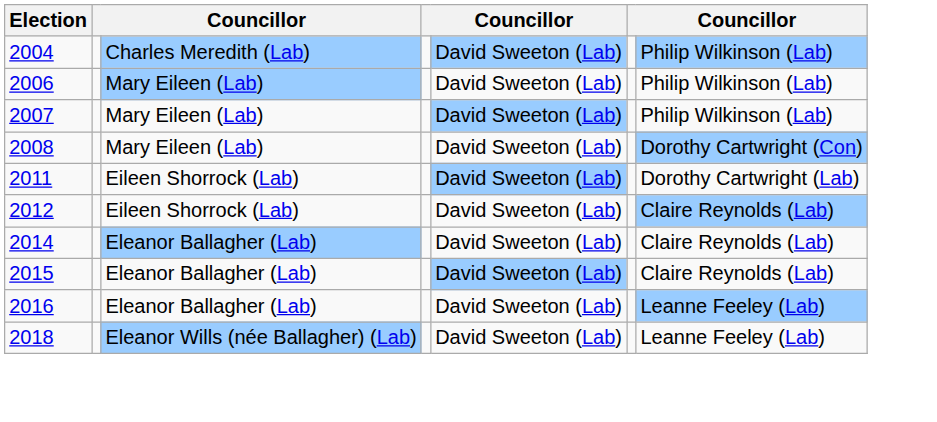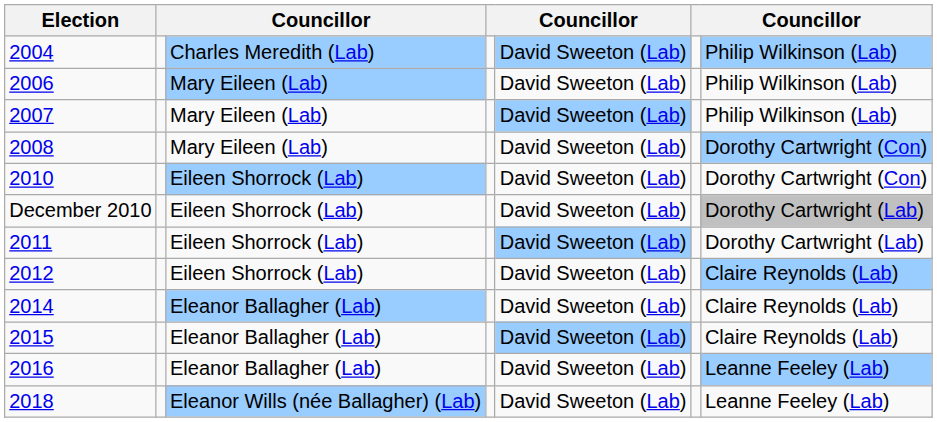 <table class="wikitable">
 <tr>
 <th>Election</th>
 <th colspan="2">Councillor</th>
 <th colspan="2">Councillor</th>
 <th colspan="2">Councillor</th>
 </tr>
 <tr>
 <td><a href='#'>2004</a></td>
 <td style="background-color: "></td>
 <td bgcolor="#99CCFF">Charles Meredith (<a href='#'>Lab</a>)</td>
 <td style="background-color: "></td>
 <td bgcolor="#99CCFF">David Sweeton (<a href='#'>Lab</a>)</td>
 <td style="background-color: "></td>
 <td bgcolor="#99CCFF">Philip Wilkinson (<a href='#'>Lab</a>)</td>
 </tr>
 <tr>
 <td><a href='#'>2006</a></td>
 <td style="background-color: "></td>
 <td bgcolor="#99CCFF">Mary Eileen (<a href='#'>Lab</a>)</td>
 <td style="background-color: "></td>
 <td>David Sweeton (<a href='#'>Lab</a>)</td>
 <td style="background-color: "></td>
 <td>Philip Wilkinson (<a href='#'>Lab</a>)</td>
 </tr>
 <tr>
 <td><a href='#'>2007</a></td>
 <td style="background-color: "></td>
 <td>Mary Eileen (<a href='#'>Lab</a>)</td>
 <td style="background-color: "></td>
 <td bgcolor="#99CCFF">David Sweeton (<a href='#'>Lab</a>)</td>
 <td style="background-color: "></td>
 <td>Philip Wilkinson (<a href='#'>Lab</a>)</td>
 </tr>
 <tr>
 <td><a href='#'>2008</a></td>
 <td style="background-color: "></td>
 <td>Mary Eileen (<a href='#'>Lab</a>)</td>
 <td style="background-color: "></td>
 <td>David Sweeton (<a href='#'>Lab</a>)</td>
 <td style="background-color: "></td>
 <td bgcolor="#99CCFF">Dorothy Cartwright (<a href='#'>Con</a>)</td>
+</tr>
+<tr>
+<td><a href='#'>2010</a></td>
+<td style="background-color: "></td>
+<td bgcolor="#99CCFF">Eileen Shorrock (<a href='#'>Lab</a>)</td>
+<td style="background-color: "></td>
+<td>David Sweeton (<a href='#'>Lab</a>)</td>
+<td style="background-color: "></td>
+<td>Dorothy Cartwright (<a href='#'>Con</a>)</td>
+</tr>
+<tr>
+<td>December 2010</td>
+<td style="background-color: "></td>
+<td>Eileen Shorrock (<a href='#'>Lab</a>)</td>
+<td style="background-color: "></td>
+<td>David Sweeton (<a href='#'>Lab</a>)</td>
+<td style="background-color: "></td>
+<td bgcolor="#C0C0C0">Dorothy Cartwright (<a href='#'>Lab</a>)</td>
 </tr>
 <tr>
 <td><a href='#'>2011</a></td>
 <td style="background-color: "></td>
 <td>Eileen Shorrock (<a href='#'>Lab</a>)</td>
 <td style="background-color: "></td>
 <td bgcolor="#99CCFF">David Sweeton (<a href='#'>Lab</a>)</td>
 <td style="background-color: "></td>
 <td>Dorothy Cartwright (<a href='#'>Lab</a>)</td>
 </tr>
 <tr>
 <td><a href='#'>2012</a></td>
 <td style="background-color: "></td>
 <td>Eileen Shorrock (<a href='#'>Lab</a>)</td>
 <td style="background-color: "></td>
 <td>David Sweeton (<a href='#'>Lab</a>)</td>
 <td style="background-color: "></td>
 <td bgcolor="#99CCFF">Claire Reynolds (<a href='#'>Lab</a>)</td>
 </tr>
 <tr>
 <td><a href='#'>2014</a></td>
 <td style="background-color: "></td>
 <td bgcolor="#99CCFF">Eleanor Ballagher (<a href='#'>Lab</a>)</td>
 <td style="background-color: "></td>
 <td>David Sweeton (<a href='#'>Lab</a>)</td>
 <td style="background-color: "></td>
 <td>Claire Reynolds (<a href='#'>Lab</a>)</td>
 </tr>
 <tr>
 <td><a href='#'>2015</a></td>
 <td style="background-color: "></td>
 <td>Eleanor Ballagher (<a href='#'>Lab</a>)</td>
 <td style="background-color: "></td>
 <td bgcolor="#99CCFF">David Sweeton (<a href='#'>Lab</a>)</td>
 <td style="background-color: "></td>
 <td>Claire Reynolds (<a href='#'>Lab</a>)</td>
 </tr>
 <tr>
 <td><a href='#'>2016</a></td>
 <td style="background-color: "></td>
 <td>Eleanor Ballagher (<a href='#'>Lab</a>)</td>
 <td style="background-color: "></td>
 <td>David Sweeton (<a href='#'>Lab</a>)</td>
 <td style="background-color: "></td>
 <td bgcolor="#99CCFF">Leanne Feeley (<a href='#'>Lab</a>)</td>
 </tr>
 <tr>
 <td><a href='#'>2018</a></td>
 <td style="background-color: "></td>
 <td bgcolor="#99CCFF">Eleanor Wills (née Ballagher) (<a href='#'>Lab</a>)</td>
 <td style="background-color: "></td>
 <td>David Sweeton (<a href='#'>Lab</a>)</td>
 <td style="background-color: "></td>
 <td>Leanne Feeley (<a href='#'>Lab</a>)</td>
 </tr>
 </table>
